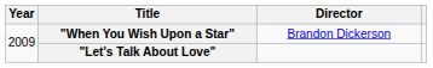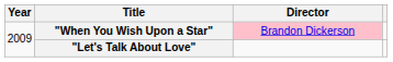 <table class="wikitable plainrowheaders" style="text-align:center;">
 <tr>
 <th scope="col">Year</th>
 <th scope="col" style="width:17.5em;">Title</th>
 <th scope="col" style="width:13em;">Director</th>
 <th scope="col"></th>
 </tr>
 <tr>
 <td rowspan="2">2009</td>
 <th scope="row">"When You Wish Upon a Star"</th>
-<td><a href='#'>Brandon Dickerson</a></td>
+<td style="background: pink;"><a href='#'>Brandon Dickerson</a></td>
 <td></td>
 </tr>
 <tr>
 <th scope="row">"Let's Talk About Love"</th>
 <td></td>
 <td></td>
 </tr>
 </table>
